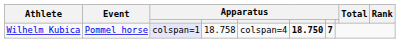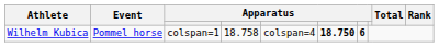 <table class="wikitable" style="font-size:90%">
 <tr>
 <th rowspan=2>Athlete</th>
 <th rowspan=2>Event</th>
 <th colspan =6>Apparatus</th>
 <th rowspan=2>Total</th>
 <th rowspan=2>Rank</th>
 </tr>
 <tr style="font-size:95%">
 <th></th>
 <th></th>
 <th></th>
 <th></th>
 <th></th>
 <th></th>
 </tr>
 <tr align=center>
 <td align=left><a href='#'>Wilhelm Kubica</a></td>
 <td align=left><a href='#'>Pommel horse</a></td>
-<td style="background: lavender;">colspan=1 </td>
+<td>colspan=1 </td>
 <td>18.758</td>
 <td>colspan=4 </td>
 <td><strong>18.750</strong></td>
-<td><strong>7</strong></td>
+<td><strong>6</strong></td>
 </tr>
 </table>
